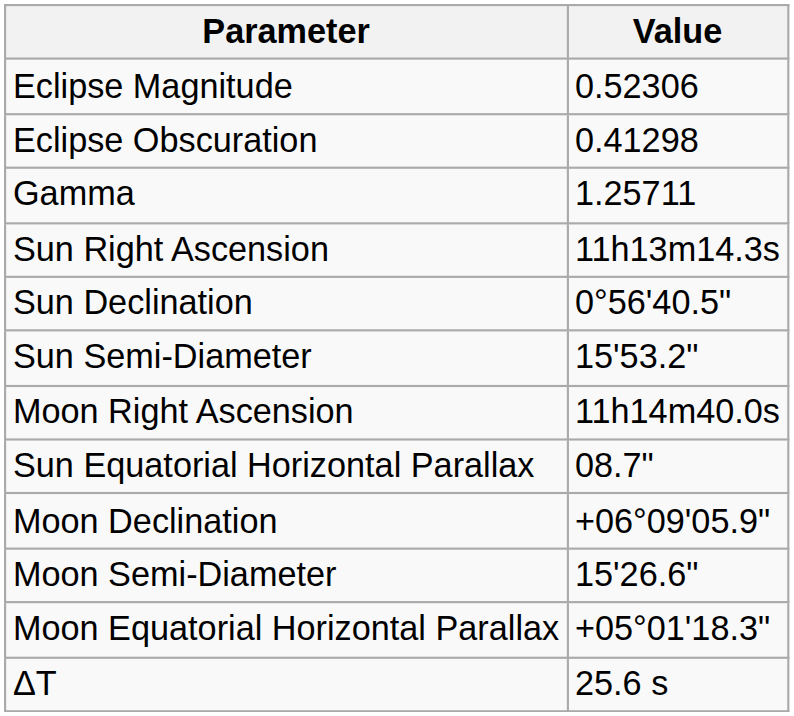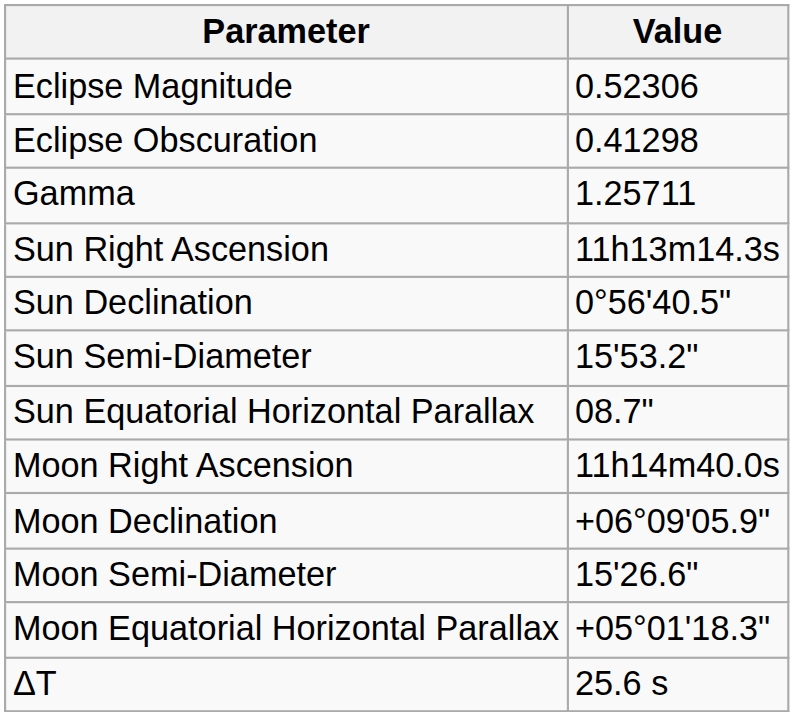 <table class="wikitable">
 <tr>
 <th>Parameter</th>
 <th>Value</th>
 </tr>
 <tr>
 <td>Eclipse Magnitude</td>
 <td>0.52306</td>
 </tr>
 <tr>
 <td>Eclipse Obscuration</td>
 <td>0.41298</td>
 </tr>
 <tr>
 <td>Gamma</td>
 <td>1.25711</td>
 </tr>
 <tr>
 <td>Sun Right Ascension</td>
 <td>11h13m14.3s</td>
 </tr>
 <tr>
 <td>Sun Declination</td>
 <td>0°56'40.5"</td>
 </tr>
 <tr>
 <td>Sun Semi-Diameter</td>
 <td>15'53.2"</td>
 </tr>
 <tr>
+<td>Sun Equatorial Horizontal Parallax</td>
+<td>08.7"</td>
+</tr>
+<tr>
 <td>Moon Right Ascension</td>
 <td>11h14m40.0s</td>
-</tr>
-<tr>
-<td>Sun Equatorial Horizontal Parallax</td>
-<td>08.7"</td>
 </tr>
 <tr>
 <td>Moon Declination</td>
 <td>+06°09'05.9"</td>
 </tr>
 <tr>
 <td>Moon Semi-Diameter</td>
 <td>15'26.6"</td>
 </tr>
 <tr>
 <td>Moon Equatorial Horizontal Parallax</td>
 <td>+05°01'18.3"</td>
 </tr>
 <tr>
 <td>ΔT</td>
 <td>25.6 s</td>
 </tr>
 </table>
